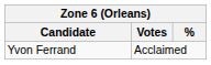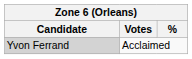 <table class="wikitable">
 <tr>
 <th colspan="3">Zone 6 (Orleans)</th>
 </tr>
 <tr>
 <th style="width: 170px">Candidate</th>
 <th style="width: 50px">Votes</th>
 <th style="width: 40px">%</th>
 </tr>
 <tr>
-<td>Yvon Ferrand</td>
+<td style="background: lightgrey;">Yvon Ferrand</td>
 <td colspan="2">Acclaimed</td>
 </tr>
 </table>
